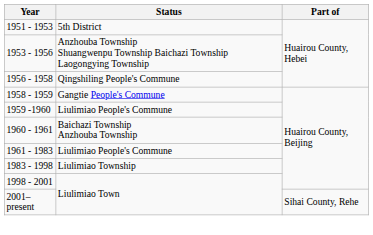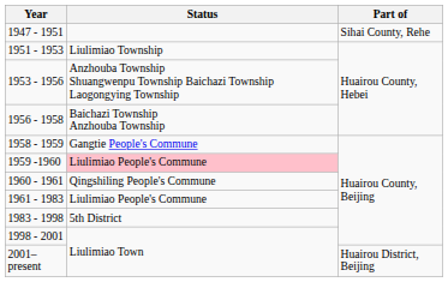 <table class="wikitable">
 <tr>
 <th>Year</th>
 <th>Status</th>
 <th>Part of</th>
 </tr>
 <tr>
+<td>1947 - 1951</td>
+<td></td>
+<td>Sihai County, Rehe</td>
+</tr>
+<tr>
 <td>1951 - 1953</td>
-<td>5th District</td>
+<td>Liulimiao Township</td>
 <td rowspan="3">Huairou County, Hebei</td>
 </tr>
 <tr>
 <td>1953 - 1956</td>
 <td>Anzhouba Township<br>Shuangwenpu Township Baichazi Township Laogongying Township</td>
 </tr>
 <tr>
 <td>1956 - 1958</td>
-<td>Qingshiling People's Commune</td>
+<td>Baichazi Township<br>Anzhouba Township</td>
 </tr>
 <tr>
 <td>1958 - 1959</td>
 <td>Gangtie <a href='#'>People's Commune</a></td>
 <td rowspan="6">Huairou County, Beijing</td>
 </tr>
 <tr>
 <td>1959 -1960</td>
-<td>Liulimiao People's Commune</td>
+<td style="background: pink;">Liulimiao People's Commune</td>
 </tr>
 <tr>
 <td>1960 - 1961</td>
-<td>Baichazi Township<br>Anzhouba Township</td>
+<td>Qingshiling People's Commune</td>
 </tr>
 <tr>
 <td>1961 - 1983</td>
 <td>Liulimiao People's Commune</td>
 </tr>
 <tr>
 <td>1983 - 1998</td>
-<td>Liulimiao Township</td>
+<td>5th District</td>
 </tr>
 <tr>
 <td>1998 - 2001</td>
 <td rowspan="2">Liulimiao Town</td>
 </tr>
 <tr>
 <td>2001–present</td>
-<td>Sihai County, Rehe</td>
+<td>Huairou District, Beijing</td>
 </tr>
 </table>
